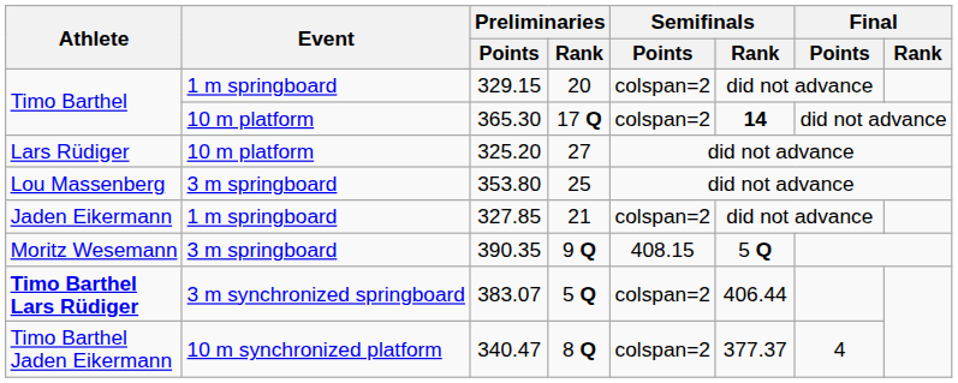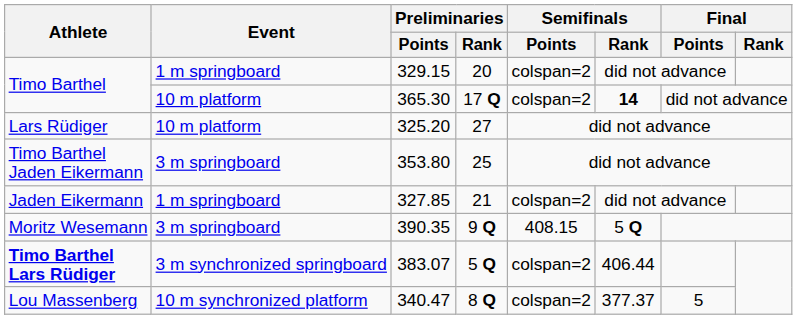 <table class="wikitable" style="font-size:90%">
 <tr>
 <th rowspan="2">Athlete</th>
 <th rowspan="2">Event</th>
 <th colspan="2">Preliminaries</th>
 <th colspan="2">Semifinals</th>
 <th colspan="2">Final</th>
 </tr>
 <tr style="font-size:95%">
 <th>Points</th>
 <th>Rank</th>
 <th>Points</th>
 <th>Rank</th>
 <th>Points</th>
 <th>Rank</th>
 </tr>
 <tr align="center">
 <td align="left" rowspan=2><a href='#'>Timo Barthel</a></td>
 <td align="left"><a href='#'>1 m springboard</a></td>
 <td>329.15</td>
 <td>20</td>
 <td>colspan=2 </td>
 <td colspan=2>did not advance</td>
 </tr>
 <tr align="center">
 <td align="left"><a href='#'>10 m platform</a></td>
 <td>365.30</td>
 <td>17 <strong>Q</strong></td>
 <td>colspan=2 </td>
 <td><strong>14</strong></td>
 <td colspan=2>did not advance</td>
 </tr>
 <tr align="center">
 <td align="left"><a href='#'>Lars Rüdiger</a></td>
 <td align="left"><a href='#'>10 m platform</a></td>
 <td>325.20</td>
 <td>27</td>
 <td colspan=4>did not advance</td>
 </tr>
 <tr align="center">
-<td align="left"><a href='#'>Lou Massenberg</a></td>
+<td align="left"><a href='#'>Timo Barthel</a><br><a href='#'>Jaden Eikermann</a></td>
 <td align="left"><a href='#'>3 m springboard</a></td>
 <td>353.80</td>
 <td>25</td>
 <td colspan=4>did not advance</td>
 </tr>
 <tr align="center">
 <td align="left"><a href='#'>Jaden Eikermann</a></td>
 <td align="left"><a href='#'>1 m springboard</a></td>
 <td>327.85</td>
 <td>21</td>
 <td>colspan=2</td>
 <td colspan=2>did not advance</td>
 </tr>
 <tr align="center">
 <td align="left"><a href='#'>Moritz Wesemann</a></td>
 <td align="left"><a href='#'>3 m springboard</a></td>
 <td>390.35</td>
 <td>9 <strong>Q</strong></td>
 <td>408.15</td>
 <td>5 <strong>Q</strong></td>
 <td colspan=2></td>
 </tr>
 <tr align="center">
 <td align="left"><strong><a href='#'>Timo Barthel</a><br><a href='#'>Lars Rüdiger</a></strong></td>
 <td align="left"><a href='#'>3 m synchronized springboard</a></td>
 <td>383.07</td>
 <td>5 <strong>Q</strong></td>
 <td>colspan=2 </td>
 <td>406.44</td>
 <td></td>
 </tr>
 <tr align="center">
-<td align="left"><a href='#'>Timo Barthel</a><br><a href='#'>Jaden Eikermann</a></td>
+<td align="left"><a href='#'>Lou Massenberg</a></td>
 <td align="left"><a href='#'>10 m synchronized platform</a></td>
 <td>340.47</td>
 <td>8 <strong>Q</strong></td>
 <td>colspan=2 </td>
 <td>377.37</td>
-<td>4</td>
+<td>5</td>
 </tr>
 </table>
